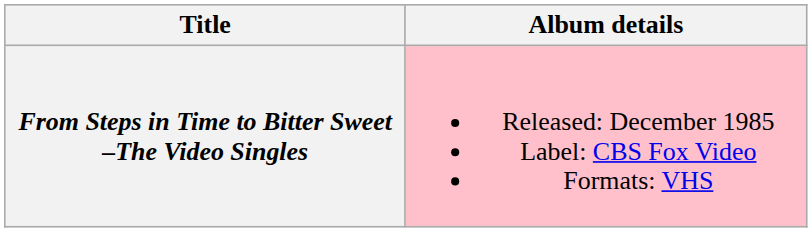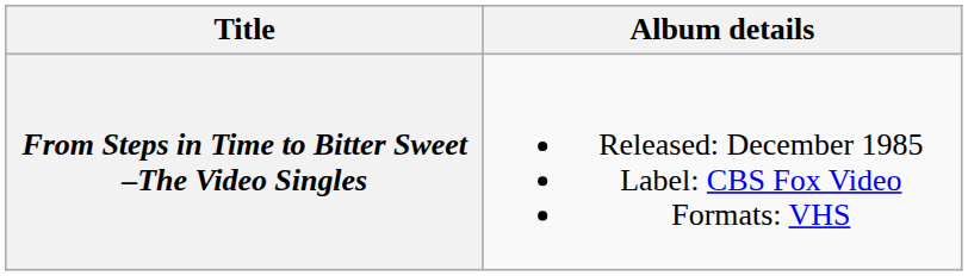 <table class="wikitable plainrowheaders" style="text-align:center;">
 <tr>
 <th scope="col" style="width:15em;">Title</th>
 <th scope="col" style="width:15em;">Album details</th>
 </tr>
 <tr>
 <th scope="row"><em>From Steps in Time to Bitter Sweet –The Video Singles</em></th>
-<td style="background: pink;"><br><ul><li>Released: December 1985</li><li>Label: <a href='#'>CBS Fox Video</a></li><li>Formats: <a href='#'>VHS</a></li></ul></td>
+<td><br><ul><li>Released: December 1985</li><li>Label: <a href='#'>CBS Fox Video</a></li><li>Formats: <a href='#'>VHS</a></li></ul></td>
 </tr>
 </table>
